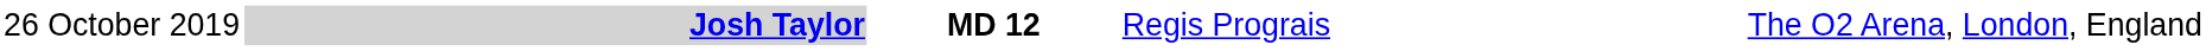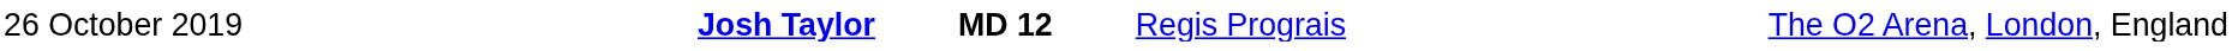 <table cellspacing="1" style="width:100%;">
 <tr>
 <th width="15%"></th>
 <th width="25%"></th>
 <th width="10%"></th>
 <th width="25%"></th>
 </tr>
 <tr style="font-size:100%">
 <td align="right">26 October 2019</td>
-<td align="right" style="background: lightgrey;"><strong> <a href='#'>Josh Taylor</a></strong></td>
+<td align="right"><strong> <a href='#'>Josh Taylor</a></strong></td>
 <td align="center"><strong>MD 12</strong></td>
 <td><a href='#'>Regis Prograis</a> </td>
 <td><a href='#'>The O2 Arena</a>, <a href='#'>London</a>, England</td>
 </tr>
 </table>
